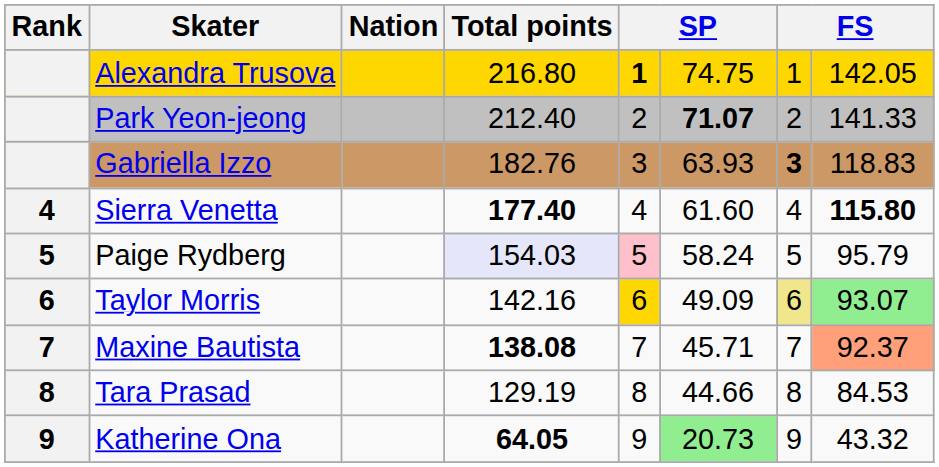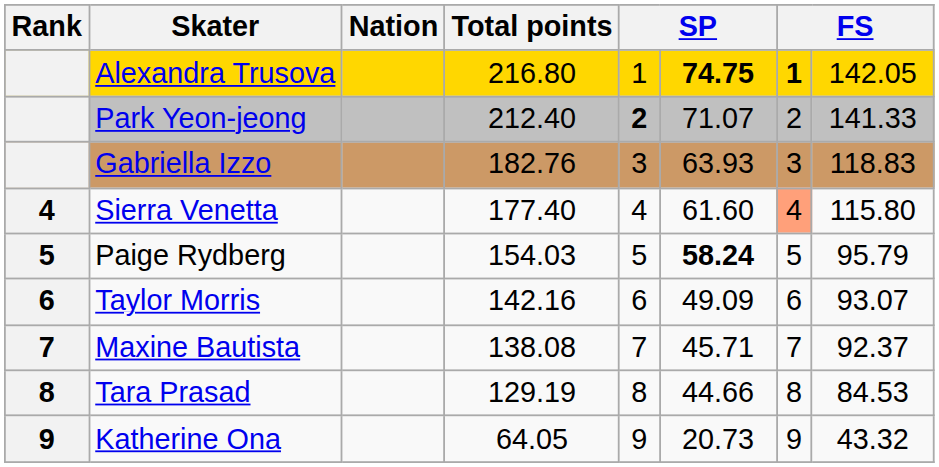 <table class="wikitable sortable" style="text-align:left">
 <tr>
 <th scope="col">Rank</th>
 <th scope="col">Skater</th>
 <th scope="col">Nation</th>
 <th scope="col">Total points</th>
 <th scope="col" colspan="2" width="80px"><a href='#'>SP</a></th>
 <th scope="col" colspan="2" width="80px"><a href='#'>FS</a></th>
 </tr>
 <tr bgcolor="gold">
 <th scope="row"></th>
 <td><a href='#'>Alexandra Trusova</a></td>
 <td></td>
 <td align="center">216.80</td>
+<td align="center">1</td>
+<td align="center"><strong>74.75</strong></td>
 <td align="center"><strong>1</strong></td>
-<td align="center">74.75</td>
-<td align="center">1</td>
 <td align="center">142.05</td>
 </tr>
 <tr bgcolor="silver">
 <th scope="row"></th>
 <td><a href='#'>Park Yeon-jeong</a></td>
 <td></td>
 <td align="center">212.40</td>
-<td align="center">2</td>
-<td align="center"><strong>71.07</strong></td>
+<td align="center"><strong>2</strong></td>
+<td align="center">71.07</td>
 <td align="center">2</td>
 <td align="center">141.33</td>
 </tr>
 <tr bgcolor="cc9966">
 <th scope="row"></th>
 <td><a href='#'>Gabriella Izzo</a></td>
 <td></td>
 <td align="center">182.76</td>
 <td align="center">3</td>
 <td align="center">63.93</td>
-<td align="center"><strong>3</strong></td>
+<td align="center">3</td>
 <td align="center">118.83</td>
 </tr>
 <tr>
 <th scope="row">4</th>
 <td><a href='#'>Sierra Venetta</a></td>
 <td></td>
-<td align="center"><strong>177.40</strong></td>
+<td align="center">177.40</td>
 <td align="center">4</td>
 <td align="center">61.60</td>
-<td align="center">4</td>
-<td align="center"><strong>115.80</strong></td>
+<td align="center" style="background: lightsalmon;">4</td>
+<td align="center">115.80</td>
 </tr>
 <tr>
 <th scope="row">5</th>
 <td>Paige Rydberg</td>
 <td></td>
-<td align="center" style="background: lavender;">154.03</td>
-<td align="center" style="background: pink;">5</td>
-<td align="center">58.24</td>
+<td align="center">154.03</td>
+<td align="center">5</td>
+<td align="center"><strong>58.24</strong></td>
 <td align="center">5</td>
 <td align="center">95.79</td>
 </tr>
 <tr>
 <th scope="row">6</th>
 <td><a href='#'>Taylor Morris</a></td>
 <td></td>
 <td align="center">142.16</td>
-<td align="center" style="background: gold;">6</td>
+<td align="center">6</td>
 <td align="center">49.09</td>
-<td align="center" style="background: khaki;">6</td>
-<td align="center" style="background: lightgreen;">93.07</td>
+<td align="center">6</td>
+<td align="center">93.07</td>
 </tr>
 <tr>
 <th scope="row">7</th>
 <td><a href='#'>Maxine Bautista</a></td>
 <td></td>
-<td align="center"><strong>138.08</strong></td>
+<td align="center">138.08</td>
 <td align="center">7</td>
 <td align="center">45.71</td>
 <td align="center">7</td>
-<td align="center" style="background: lightsalmon;">92.37</td>
+<td align="center">92.37</td>
 </tr>
 <tr>
 <th scope="row">8</th>
 <td><a href='#'>Tara Prasad</a></td>
 <td></td>
 <td align="center">129.19</td>
 <td align="center">8</td>
 <td align="center">44.66</td>
 <td align="center">8</td>
 <td align="center">84.53</td>
 </tr>
 <tr>
 <th scope="row">9</th>
 <td><a href='#'>Katherine Ona</a></td>
 <td></td>
-<td align="center"><strong>64.05</strong></td>
+<td align="center">64.05</td>
 <td align="center">9</td>
-<td align="center" style="background: lightgreen;">20.73</td>
+<td align="center">20.73</td>
 <td align="center">9</td>
 <td align="center">43.32</td>
 </tr>
 </table>
